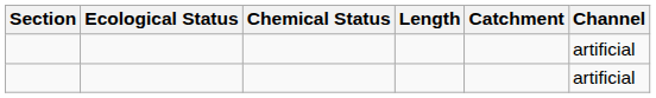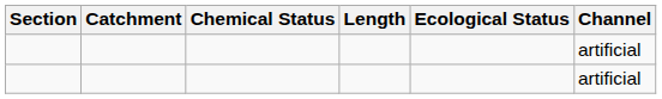 <table class="wikitable">
 <tr>
 <th>Section</th>
-<th>Ecological Status</th>
+<th>Catchment</th>
 <th>Chemical Status</th>
 <th>Length</th>
-<th>Catchment</th>
+<th>Ecological Status</th>
 <th>Channel</th>
 </tr>
 <tr>
 <td></td>
 <td></td>
 <td></td>
 <td></td>
 <td></td>
 <td>artificial</td>
 </tr>
 <tr>
 <td></td>
 <td></td>
 <td></td>
 <td></td>
 <td></td>
 <td>artificial</td>
 </tr>
 </table>
